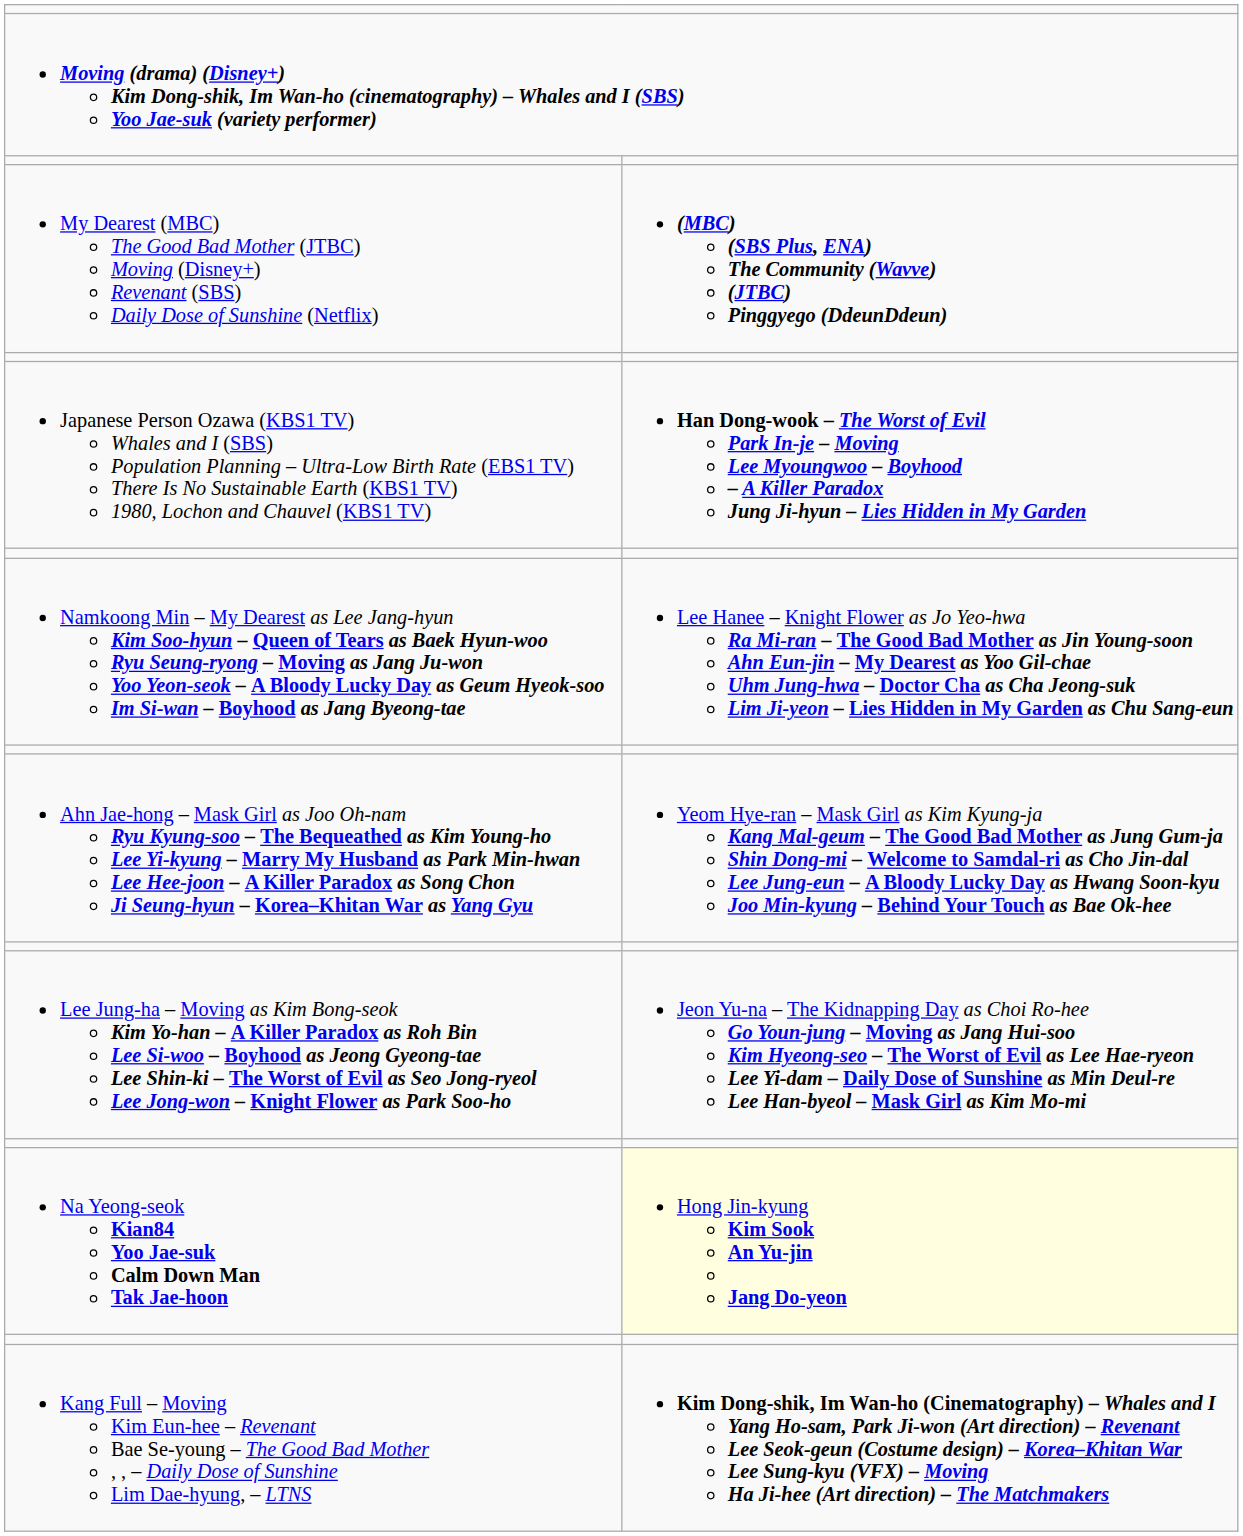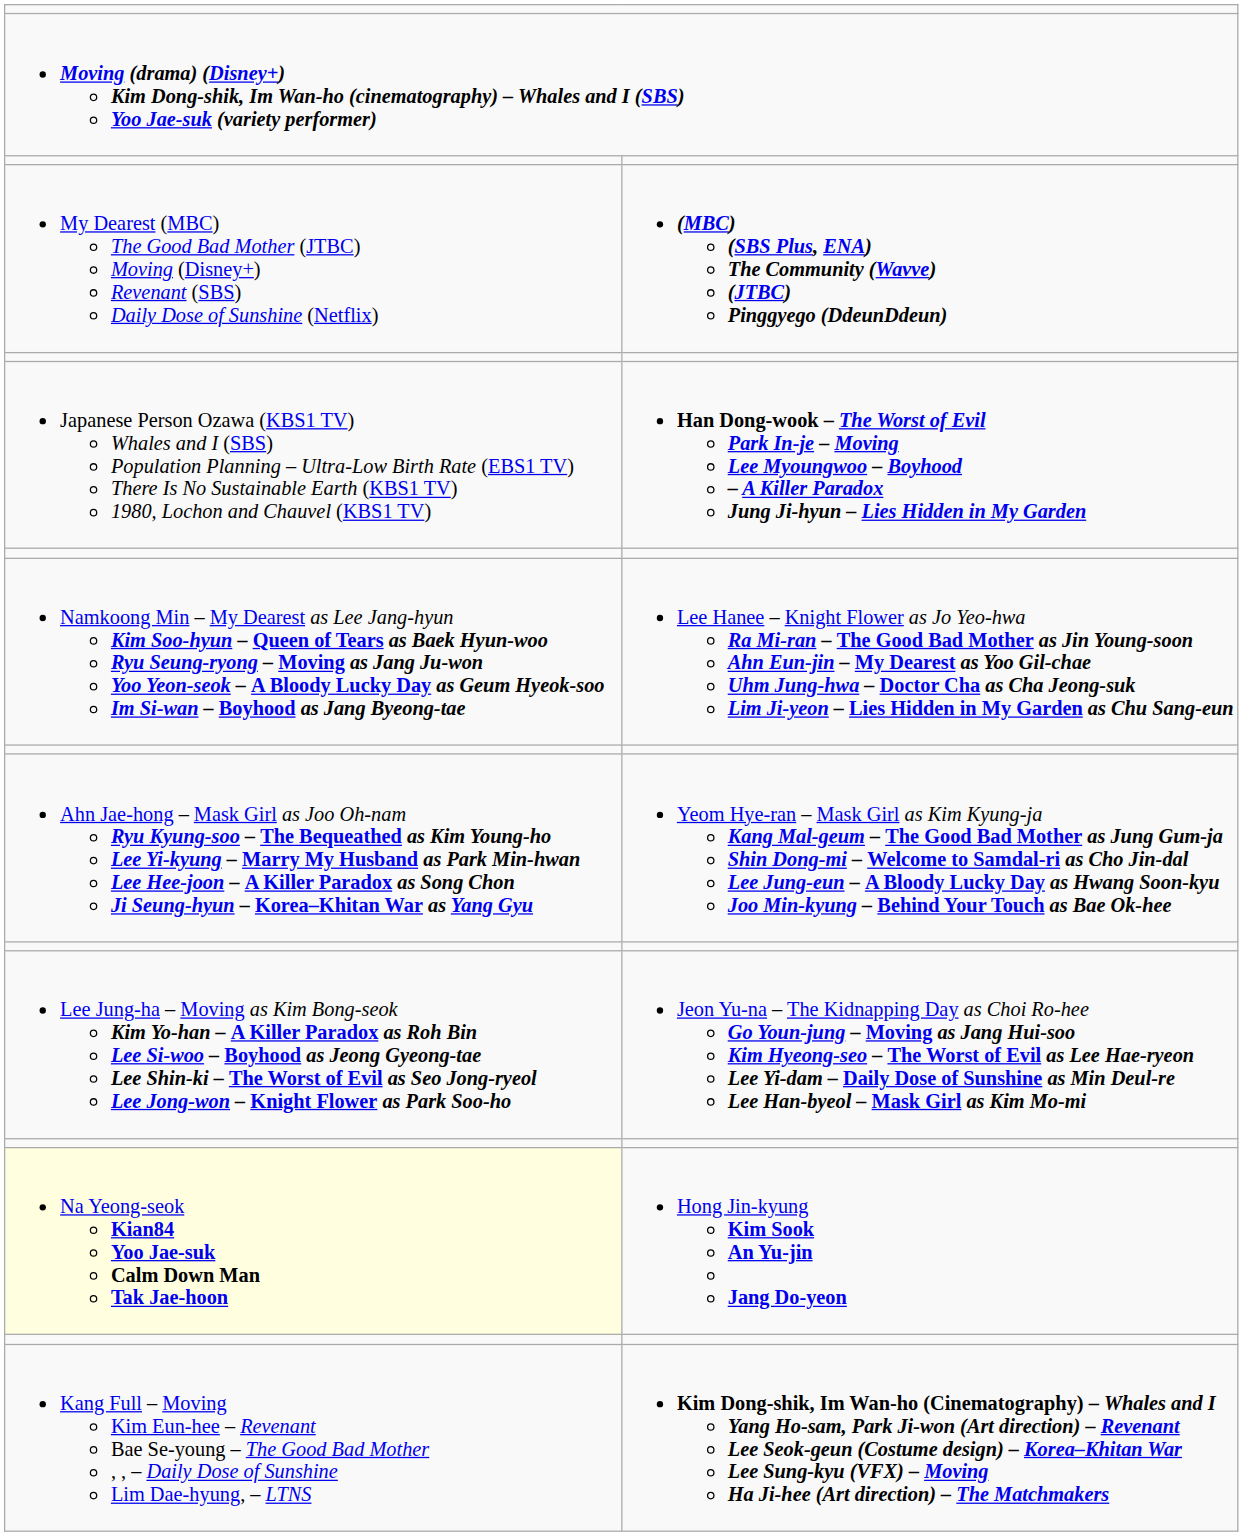 <table class="wikitable">
 <tr>
 <td colspan="2" style="width:100%"></td>
 </tr>
 <tr>
 <td colspan="2" style="vertical-align:top"><br><ul><li><strong><em><a href='#'>Moving</a><em> (drama) (<a href='#'>Disney+</a>)<strong><ul><li></em>Kim Dong-shik, Im Wan-ho<em> (cinematography) – </em>Whales and I<em> (<a href='#'>SBS</a>)</li><li></em><a href='#'>Yoo Jae-suk</a><em> (variety performer)</li></ul></li></ul></td>
 </tr>
 <tr>
 <td style="width:50%"></td>
 <td style="width:50%"></td>
 </tr>
 <tr>
 <td style="vertical-align:top"><br><ul><li></em></strong><a href='#'>My Dearest</a></em> (<a href='#'>MBC</a>)</strong><ul><li><em><a href='#'>The Good Bad Mother</a></em> (<a href='#'>JTBC</a>)</li><li><em><a href='#'>Moving</a></em> (<a href='#'>Disney+</a>)</li><li><em><a href='#'>Revenant</a></em> (<a href='#'>SBS</a>)</li><li><em><a href='#'>Daily Dose of Sunshine</a></em> (<a href='#'>Netflix</a>)</li></ul></li></ul></td>
 <td style="vertical-align:top"><br><ul><li><strong><em><em> (<a href='#'>MBC</a>)<strong><ul><li></em><em> (<a href='#'>SBS Plus</a>, <a href='#'>ENA</a>)</li><li></em>The Community<em> (<a href='#'>Wavve</a>)</li><li></em><em> (<a href='#'>JTBC</a>)</li><li></em>Pinggyego<em> (DdeunDdeun)</li></ul></li></ul></td>
 </tr>
 <tr>
 <td style="width:50%"></td>
 <td style="width:50%"></td>
 </tr>
 <tr>
 <td style="vertical-align:top"><br><ul><li></em></strong>Japanese Person Ozawa</em> (<a href='#'>KBS1 TV</a>)</strong><ul><li><em>Whales and I</em> (<a href='#'>SBS</a>)</li><li><em>Population Planning – Ultra-Low Birth Rate</em> (<a href='#'>EBS1 TV</a>)</li><li><em>There Is No Sustainable Earth</em> (<a href='#'>KBS1 TV</a>)</li><li><em>1980, Lochon and Chauvel</em> (<a href='#'>KBS1 TV</a>)</li></ul></li></ul></td>
 <td style="vertical-align:top"><br><ul><li><strong>Han Dong-wook – <em><a href='#'>The Worst of Evil</a><strong><em><ul><li><a href='#'>Park In-je</a> – </em><a href='#'>Moving</a><em></li><li><a href='#'>Lee Myoungwoo</a> – </em><a href='#'>Boyhood</a><em></li><li> – </em><a href='#'>A Killer Paradox</a><em></li><li>Jung Ji-hyun – </em><a href='#'>Lies Hidden in My Garden</a><em></li></ul></li></ul></td>
 </tr>
 <tr>
 <td style="width:50%"></td>
 <td style="width:50%"></td>
 </tr>
 <tr>
 <td style="vertical-align:top"><br><ul><li></strong><a href='#'>Namkoong Min</a> – </em><a href='#'>My Dearest</a><em> as Lee Jang-hyun<strong><ul><li><a href='#'>Kim Soo-hyun</a> – </em><a href='#'>Queen of Tears</a><em> as Baek Hyun-woo</li><li><a href='#'>Ryu Seung-ryong</a> – </em><a href='#'>Moving</a><em> as Jang Ju-won</li><li><a href='#'>Yoo Yeon-seok</a> – </em><a href='#'>A Bloody Lucky Day</a><em> as Geum Hyeok-soo</li><li><a href='#'>Im Si-wan</a> – </em><a href='#'>Boyhood</a><em> as Jang Byeong-tae</li></ul></li></ul></td>
 <td style="vertical-align:top"><br><ul><li></strong><a href='#'>Lee Hanee</a> – </em><a href='#'>Knight Flower</a><em> as Jo Yeo-hwa<strong><ul><li><a href='#'>Ra Mi-ran</a> – </em><a href='#'>The Good Bad Mother</a><em> as Jin Young-soon</li><li><a href='#'>Ahn Eun-jin</a> – </em><a href='#'>My Dearest</a><em> as Yoo Gil-chae</li><li><a href='#'>Uhm Jung-hwa</a> – </em><a href='#'>Doctor Cha</a><em> as Cha Jeong-suk</li><li><a href='#'>Lim Ji-yeon</a> – </em><a href='#'>Lies Hidden in My Garden</a><em> as Chu Sang-eun</li></ul></li></ul></td>
 </tr>
 <tr>
 <td style="width:50%"></td>
 <td style="width:50%"></td>
 </tr>
 <tr>
 <td style="vertical-align:top"><br><ul><li></strong><a href='#'>Ahn Jae-hong</a> – </em><a href='#'>Mask Girl</a><em> as Joo Oh-nam<strong><ul><li><a href='#'>Ryu Kyung-soo</a> – </em><a href='#'>The Bequeathed</a><em> as Kim Young-ho</li><li><a href='#'>Lee Yi-kyung</a> – </em><a href='#'>Marry My Husband</a><em> as Park Min-hwan</li><li><a href='#'>Lee Hee-joon</a> – </em><a href='#'>A Killer Paradox</a><em> as Song Chon</li><li><a href='#'>Ji Seung-hyun</a> – </em><a href='#'>Korea–Khitan War</a><em> as <a href='#'>Yang Gyu</a></li></ul></li></ul></td>
 <td style="vertical-align:top"><br><ul><li></strong><a href='#'>Yeom Hye-ran</a> – </em><a href='#'>Mask Girl</a><em> as Kim Kyung-ja<strong><ul><li><a href='#'>Kang Mal-geum</a> – </em><a href='#'>The Good Bad Mother</a><em> as Jung Gum-ja</li><li><a href='#'>Shin Dong-mi</a> – </em><a href='#'>Welcome to Samdal-ri</a><em> as Cho Jin-dal</li><li><a href='#'>Lee Jung-eun</a> – </em><a href='#'>A Bloody Lucky Day</a><em> as Hwang Soon-kyu</li><li><a href='#'>Joo Min-kyung</a> – </em><a href='#'>Behind Your Touch</a><em> as Bae Ok-hee</li></ul></li></ul></td>
 </tr>
 <tr>
 <td style="width:50%"></td>
 <td style="width:50%"></td>
 </tr>
 <tr>
 <td style="vertical-align:top"><br><ul><li></strong><a href='#'>Lee Jung-ha</a> – </em><a href='#'>Moving</a><em> as Kim Bong-seok<strong><ul><li>Kim Yo-han – </em><a href='#'>A Killer Paradox</a><em> as Roh Bin</li><li><a href='#'>Lee Si-woo</a> – </em><a href='#'>Boyhood</a><em> as Jeong Gyeong-tae</li><li>Lee Shin-ki – </em><a href='#'>The Worst of Evil</a><em> as Seo Jong-ryeol</li><li><a href='#'>Lee Jong-won</a> – </em><a href='#'>Knight Flower</a><em> as Park Soo-ho</li></ul></li></ul></td>
 <td style="vertical-align:top"><br><ul><li></strong><a href='#'>Jeon Yu-na</a> – </em><a href='#'>The Kidnapping Day</a><em> as Choi Ro-hee<strong><ul><li><a href='#'>Go Youn-jung</a> – </em><a href='#'>Moving</a><em> as Jang Hui-soo</li><li><a href='#'>Kim Hyeong-seo</a> – </em><a href='#'>The Worst of Evil</a><em> as Lee Hae-ryeon</li><li>Lee Yi-dam – </em><a href='#'>Daily Dose of Sunshine</a><em> as Min Deul-re</li><li>Lee Han-byeol – </em><a href='#'>Mask Girl</a><em> as Kim Mo-mi</li></ul></li></ul></td>
 </tr>
 <tr>
 <td style="width:50%"></td>
 <td style="width:50%"></td>
 </tr>
 <tr>
-<td style="vertical-align:top"><br><ul><li></strong><a href='#'>Na Yeong-seok</a><strong><ul><li><a href='#'>Kian84</a></li><li><a href='#'>Yoo Jae-suk</a></li><li>Calm Down Man</li><li><a href='#'>Tak Jae-hoon</a></li></ul></li></ul></td>
-<td style="background: lightyellow; vertical-align:top"><br><ul><li></strong><a href='#'>Hong Jin-kyung</a><strong><ul><li><a href='#'>Kim Sook</a></li><li><a href='#'>An Yu-jin</a></li><li></li><li><a href='#'>Jang Do-yeon</a></li></ul></li></ul></td>
+<td style="background: lightyellow; vertical-align:top"><br><ul><li></strong><a href='#'>Na Yeong-seok</a><strong><ul><li><a href='#'>Kian84</a></li><li><a href='#'>Yoo Jae-suk</a></li><li>Calm Down Man</li><li><a href='#'>Tak Jae-hoon</a></li></ul></li></ul></td>
+<td style="vertical-align:top"><br><ul><li></strong><a href='#'>Hong Jin-kyung</a><strong><ul><li><a href='#'>Kim Sook</a></li><li><a href='#'>An Yu-jin</a></li><li></li><li><a href='#'>Jang Do-yeon</a></li></ul></li></ul></td>
 </tr>
 <tr>
 <td style="width:50%"></td>
 <td style="width:50%"></td>
 </tr>
 <tr>
 <td style="vertical-align:top"><br><ul><li></strong><a href='#'>Kang Full</a> – </em><a href='#'>Moving</a></em></strong><ul><li><a href='#'>Kim Eun-hee</a> – <em><a href='#'>Revenant</a></em></li><li>Bae Se-young – <em><a href='#'>The Good Bad Mother</a></em></li><li>, ,  – <em><a href='#'>Daily Dose of Sunshine</a></em></li><li><a href='#'>Lim Dae-hyung</a>,  – <em><a href='#'>LTNS</a></em></li></ul></li></ul></td>
 <td style="vertical-align:top"><br><ul><li><strong>Kim Dong-shik, Im Wan-ho (Cinematography) – <em>Whales and I<strong><em><ul><li>Yang Ho-sam, Park Ji-won (Art direction) – </em><a href='#'>Revenant</a><em></li><li>Lee Seok-geun (Costume design) – </em><a href='#'>Korea–Khitan War</a><em></li><li>Lee Sung-kyu (VFX) – </em><a href='#'>Moving</a><em></li><li>Ha Ji-hee (Art direction) – </em><a href='#'>The Matchmakers</a><em></li></ul></li></ul></td>
 </tr>
 </table>
